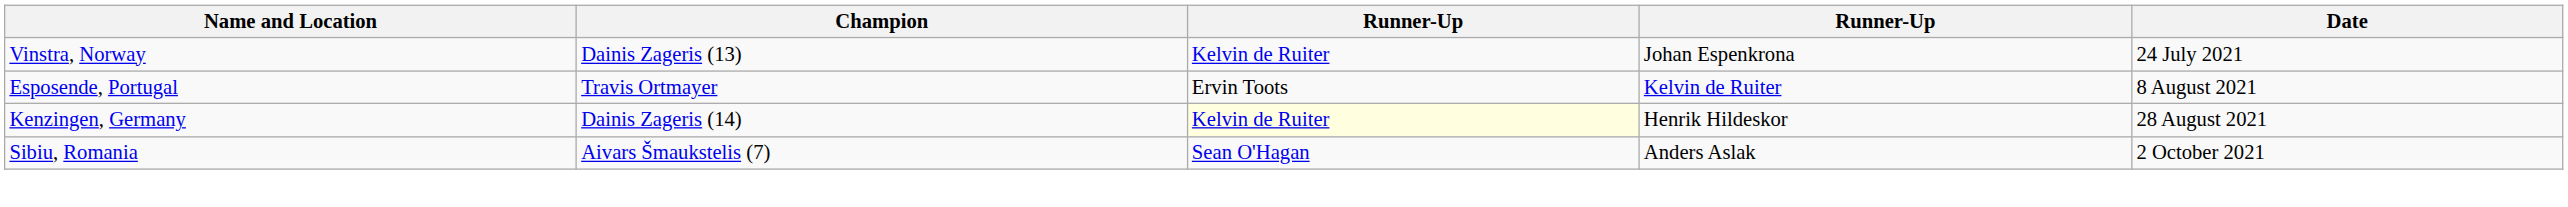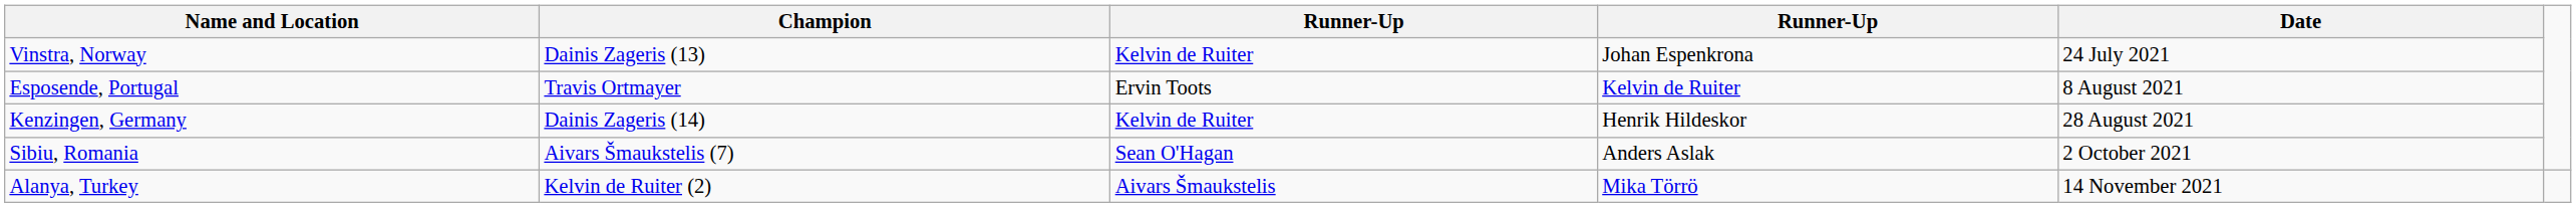 <table class="wikitable" style="display: inline-table;width: 100%;">
 <tr>
 <th scope="col">Name and Location</th>
 <th scope="col">Champion</th>
 <th scope="col">Runner-Up</th>
 <th scope="col">Runner-Up</th>
 <th scope="col">Date</th>
 </tr>
 <tr>
 <td> <a href='#'>Vinstra</a>, <a href='#'>Norway</a><br> </td>
 <td> <a href='#'>Dainis Zageris</a> (13)</td>
 <td> <a href='#'>Kelvin de Ruiter</a></td>
 <td> Johan Espenkrona</td>
 <td>24 July 2021</td>
 </tr>
 <tr>
 <td> <a href='#'>Esposende</a>, <a href='#'>Portugal</a><br> </td>
 <td> <a href='#'>Travis Ortmayer</a></td>
 <td> Ervin Toots</td>
 <td> <a href='#'>Kelvin de Ruiter</a></td>
 <td>8 August 2021</td>
 </tr>
 <tr>
 <td> <a href='#'>Kenzingen</a>, <a href='#'>Germany</a><br> </td>
 <td> <a href='#'>Dainis Zageris</a> (14)</td>
-<td style="background: lightyellow;"> <a href='#'>Kelvin de Ruiter</a></td>
+<td> <a href='#'>Kelvin de Ruiter</a></td>
 <td> Henrik Hildeskor</td>
 <td>28 August 2021</td>
 </tr>
 <tr>
 <td> <a href='#'>Sibiu</a>, <a href='#'>Romania</a><br> </td>
 <td> <a href='#'>Aivars Šmaukstelis</a> (7)</td>
 <td> <a href='#'>Sean O'Hagan</a></td>
 <td> Anders Aslak</td>
 <td>2 October 2021</td>
 </tr>
+<tr>
+<td> <a href='#'>Alanya</a>, <a href='#'>Turkey</a><br> </td>
+<td> <a href='#'>Kelvin de Ruiter</a> (2)</td>
+<td> <a href='#'>Aivars Šmaukstelis</a></td>
+<td> <a href='#'>Mika Törrö</a></td>
+<td>14 November 2021</td>
+<td></td>
+</tr>
 </table>
